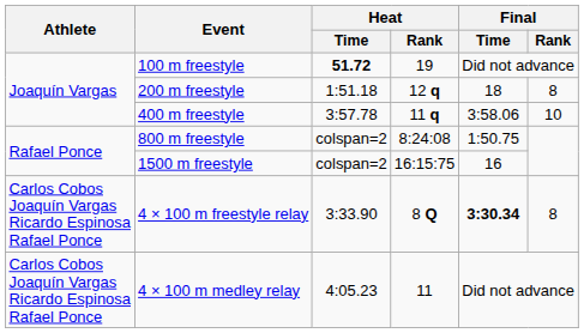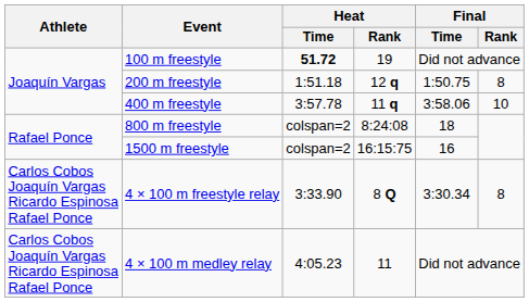 <table class=wikitable style="font-size:90%;text-align:center">
 <tr>
 <th rowspan="2">Athlete</th>
 <th rowspan="2">Event</th>
 <th colspan="2">Heat</th>
 <th colspan="2">Final</th>
 </tr>
 <tr style="font-size:95%">
 <th>Time</th>
 <th>Rank</th>
 <th>Time</th>
 <th>Rank</th>
 </tr>
 <tr>
 <td align=left rowspan=3><a href='#'>Joaquín Vargas</a></td>
 <td align=left><a href='#'>100 m freestyle</a></td>
 <td><strong>51.72</strong></td>
 <td>19</td>
 <td colspan=2>Did not advance</td>
 </tr>
 <tr>
 <td align=left><a href='#'>200 m freestyle</a></td>
 <td>1:51.18</td>
 <td>12 <strong>q</strong></td>
-<td>18</td>
+<td>1:50.75</td>
 <td>8</td>
 </tr>
 <tr>
 <td align=left><a href='#'>400 m freestyle</a></td>
 <td>3:57.78</td>
 <td>11 <strong>q</strong></td>
 <td>3:58.06</td>
 <td>10</td>
 </tr>
 <tr>
 <td align=left rowspan=2><a href='#'>Rafael Ponce</a></td>
 <td align=left><a href='#'>800 m freestyle</a></td>
 <td>colspan=2 </td>
 <td>8:24:08</td>
-<td>1:50.75</td>
+<td>18</td>
 </tr>
 <tr>
 <td align=left><a href='#'>1500 m freestyle</a></td>
 <td>colspan=2 </td>
 <td>16:15:75</td>
 <td>16</td>
 </tr>
 <tr>
 <td align=left><a href='#'>Carlos Cobos</a><br><a href='#'>Joaquín Vargas</a><br><a href='#'>Ricardo Espinosa</a><br><a href='#'>Rafael Ponce</a></td>
 <td align=left><a href='#'>4 × 100 m freestyle relay</a></td>
 <td>3:33.90</td>
 <td>8 <strong>Q</strong></td>
-<td><strong>3:30.34</strong></td>
+<td>3:30.34</td>
 <td>8</td>
 </tr>
 <tr>
 <td align=left><a href='#'>Carlos Cobos</a><br><a href='#'>Joaquín Vargas</a><br><a href='#'>Ricardo Espinosa</a><br><a href='#'>Rafael Ponce</a></td>
 <td align=left><a href='#'>4 × 100 m medley relay</a></td>
 <td>4:05.23</td>
 <td>11</td>
 <td colspan=2>Did not advance</td>
 </tr>
 </table>
